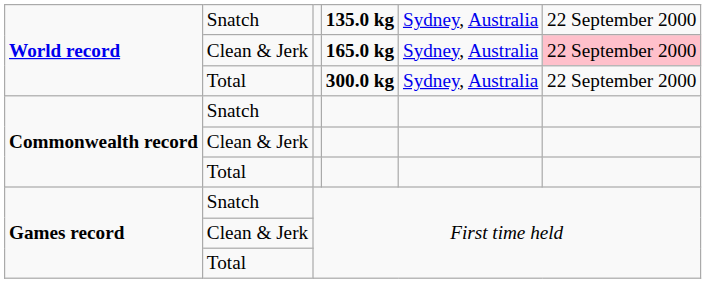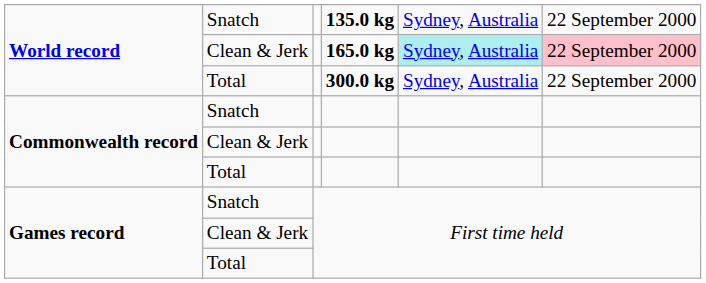 <table class="wikitable">
 <tr>
 <td rowspan=3><strong><a href='#'>World record</a></strong></td>
 <td>Snatch</td>
 <td></td>
 <td><strong>135.0 kg</strong></td>
 <td><a href='#'>Sydney</a>, <a href='#'>Australia</a></td>
 <td>22 September 2000</td>
 </tr>
 <tr>
 <td>Clean & Jerk</td>
 <td></td>
 <td><strong>165.0 kg</strong></td>
-<td><a href='#'>Sydney</a>, <a href='#'>Australia</a></td>
+<td style="background: paleturquoise;"><a href='#'>Sydney</a>, <a href='#'>Australia</a></td>
 <td style="background: pink;">22 September 2000</td>
 </tr>
 <tr>
 <td>Total</td>
 <td></td>
 <td><strong>300.0 kg</strong></td>
 <td><a href='#'>Sydney</a>, <a href='#'>Australia</a></td>
 <td>22 September 2000</td>
 </tr>
 <tr>
 <td rowspan=3><strong>Commonwealth record</strong></td>
 <td>Snatch</td>
 <td></td>
 <td></td>
 <td></td>
 <td></td>
 </tr>
 <tr>
 <td>Clean & Jerk</td>
 <td></td>
 <td></td>
 <td></td>
 <td></td>
 </tr>
 <tr>
 <td>Total</td>
 <td></td>
 <td></td>
 <td></td>
 <td></td>
 </tr>
 <tr>
 <td rowspan=3><strong>Games record</strong></td>
 <td>Snatch</td>
 <td rowspan=3 colspan=4 align=center><em>First time held</em></td>
 </tr>
 <tr>
 <td>Clean & Jerk</td>
 </tr>
 <tr>
 <td>Total</td>
 </tr>
 </table>
